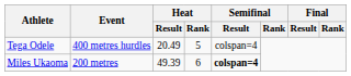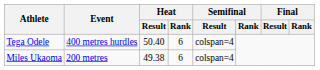 <table class="wikitable" style="font-size:90%">
 <tr>
 <th rowspan="2">Athlete</th>
 <th rowspan="2">Event</th>
 <th colspan="2">Heat</th>
 <th colspan="2">Semifinal</th>
 <th colspan="2">Final</th>
 </tr>
 <tr style="font-size:95%">
 <th>Result</th>
 <th>Rank</th>
 <th>Result</th>
 <th>Rank</th>
 <th>Result</th>
 <th>Rank</th>
 </tr>
 <tr style=text-align:center>
 <td style=text-align:left><a href='#'>Tega Odele</a></td>
 <td style=text-align:left><a href='#'>400 metres hurdles</a></td>
-<td>20.49</td>
-<td>5</td>
+<td>50.40</td>
+<td>6</td>
 <td>colspan=4 </td>
 </tr>
 <tr style=text-align:center>
 <td style=text-align:left><a href='#'>Miles Ukaoma</a></td>
 <td style=text-align:left><a href='#'>200 metres</a></td>
-<td>49.39</td>
+<td>49.38</td>
 <td>6</td>
-<td><strong>colspan=4 </strong></td>
+<td>colspan=4 </td>
 </tr>
 </table>
